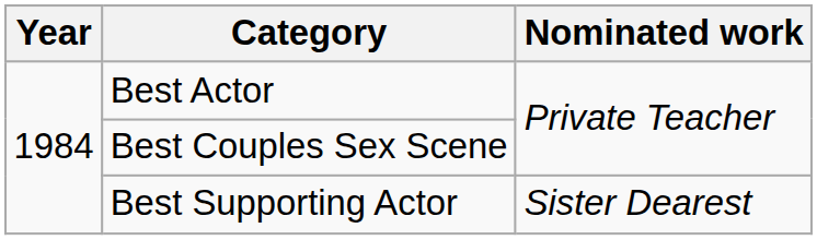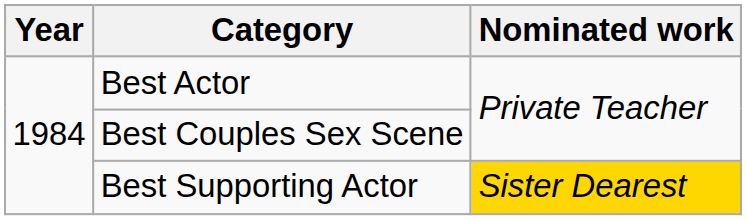 <table class="wikitable">
 <tr>
 <th>Year</th>
 <th>Category</th>
 <th>Nominated work</th>
 </tr>
 <tr>
 <td rowspan="3">1984</td>
 <td>Best Actor</td>
 <td rowspan="2"><em>Private Teacher</em></td>
 </tr>
 <tr>
 <td>Best Couples Sex Scene</td>
 </tr>
 <tr>
 <td>Best Supporting Actor</td>
-<td><em>Sister Dearest</em></td>
+<td style="background: gold;"><em>Sister Dearest</em></td>
 </tr>
 </table>
